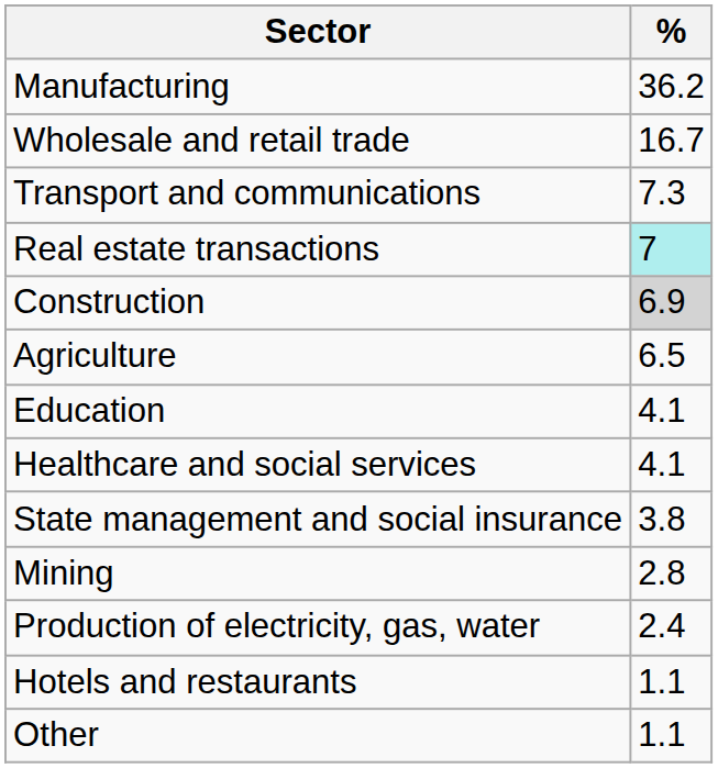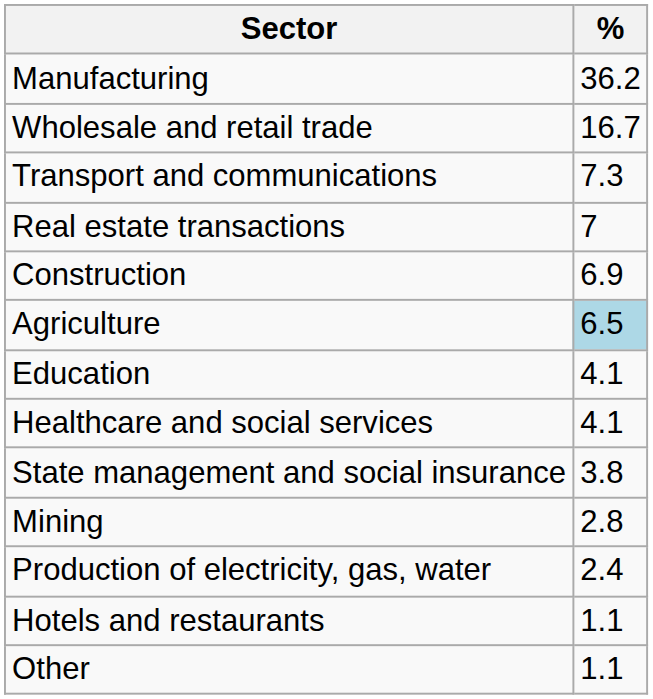 <table class="wikitable">
 <tr>
 <th>Sector</th>
 <th>%</th>
 </tr>
 <tr>
 <td>Manufacturing</td>
 <td align=left>36.2</td>
 </tr>
 <tr>
 <td>Wholesale and retail trade</td>
 <td align=left>16.7</td>
 </tr>
 <tr>
 <td>Transport and communications</td>
 <td align=left>7.3</td>
 </tr>
 <tr>
 <td>Real estate transactions</td>
-<td align=left style="background: paleturquoise;">7</td>
+<td align=left>7</td>
 </tr>
 <tr>
 <td>Construction</td>
-<td align=left style="background: lightgrey;">6.9</td>
+<td align=left>6.9</td>
 </tr>
 <tr>
 <td>Agriculture</td>
-<td align=left>6.5</td>
+<td align=left style="background: lightblue;">6.5</td>
 </tr>
 <tr>
 <td>Education</td>
 <td align=left>4.1</td>
 </tr>
 <tr>
 <td>Healthcare and social services</td>
 <td align=left>4.1</td>
 </tr>
 <tr>
 <td>State management and social insurance</td>
 <td align=left>3.8</td>
 </tr>
 <tr>
 <td>Mining</td>
 <td align=left>2.8</td>
 </tr>
 <tr>
 <td>Production of electricity, gas, water</td>
 <td align=left>2.4</td>
 </tr>
 <tr>
 <td>Hotels and restaurants</td>
 <td align=left>1.1</td>
 </tr>
 <tr>
 <td>Other</td>
 <td align=left>1.1</td>
 </tr>
 </table>
